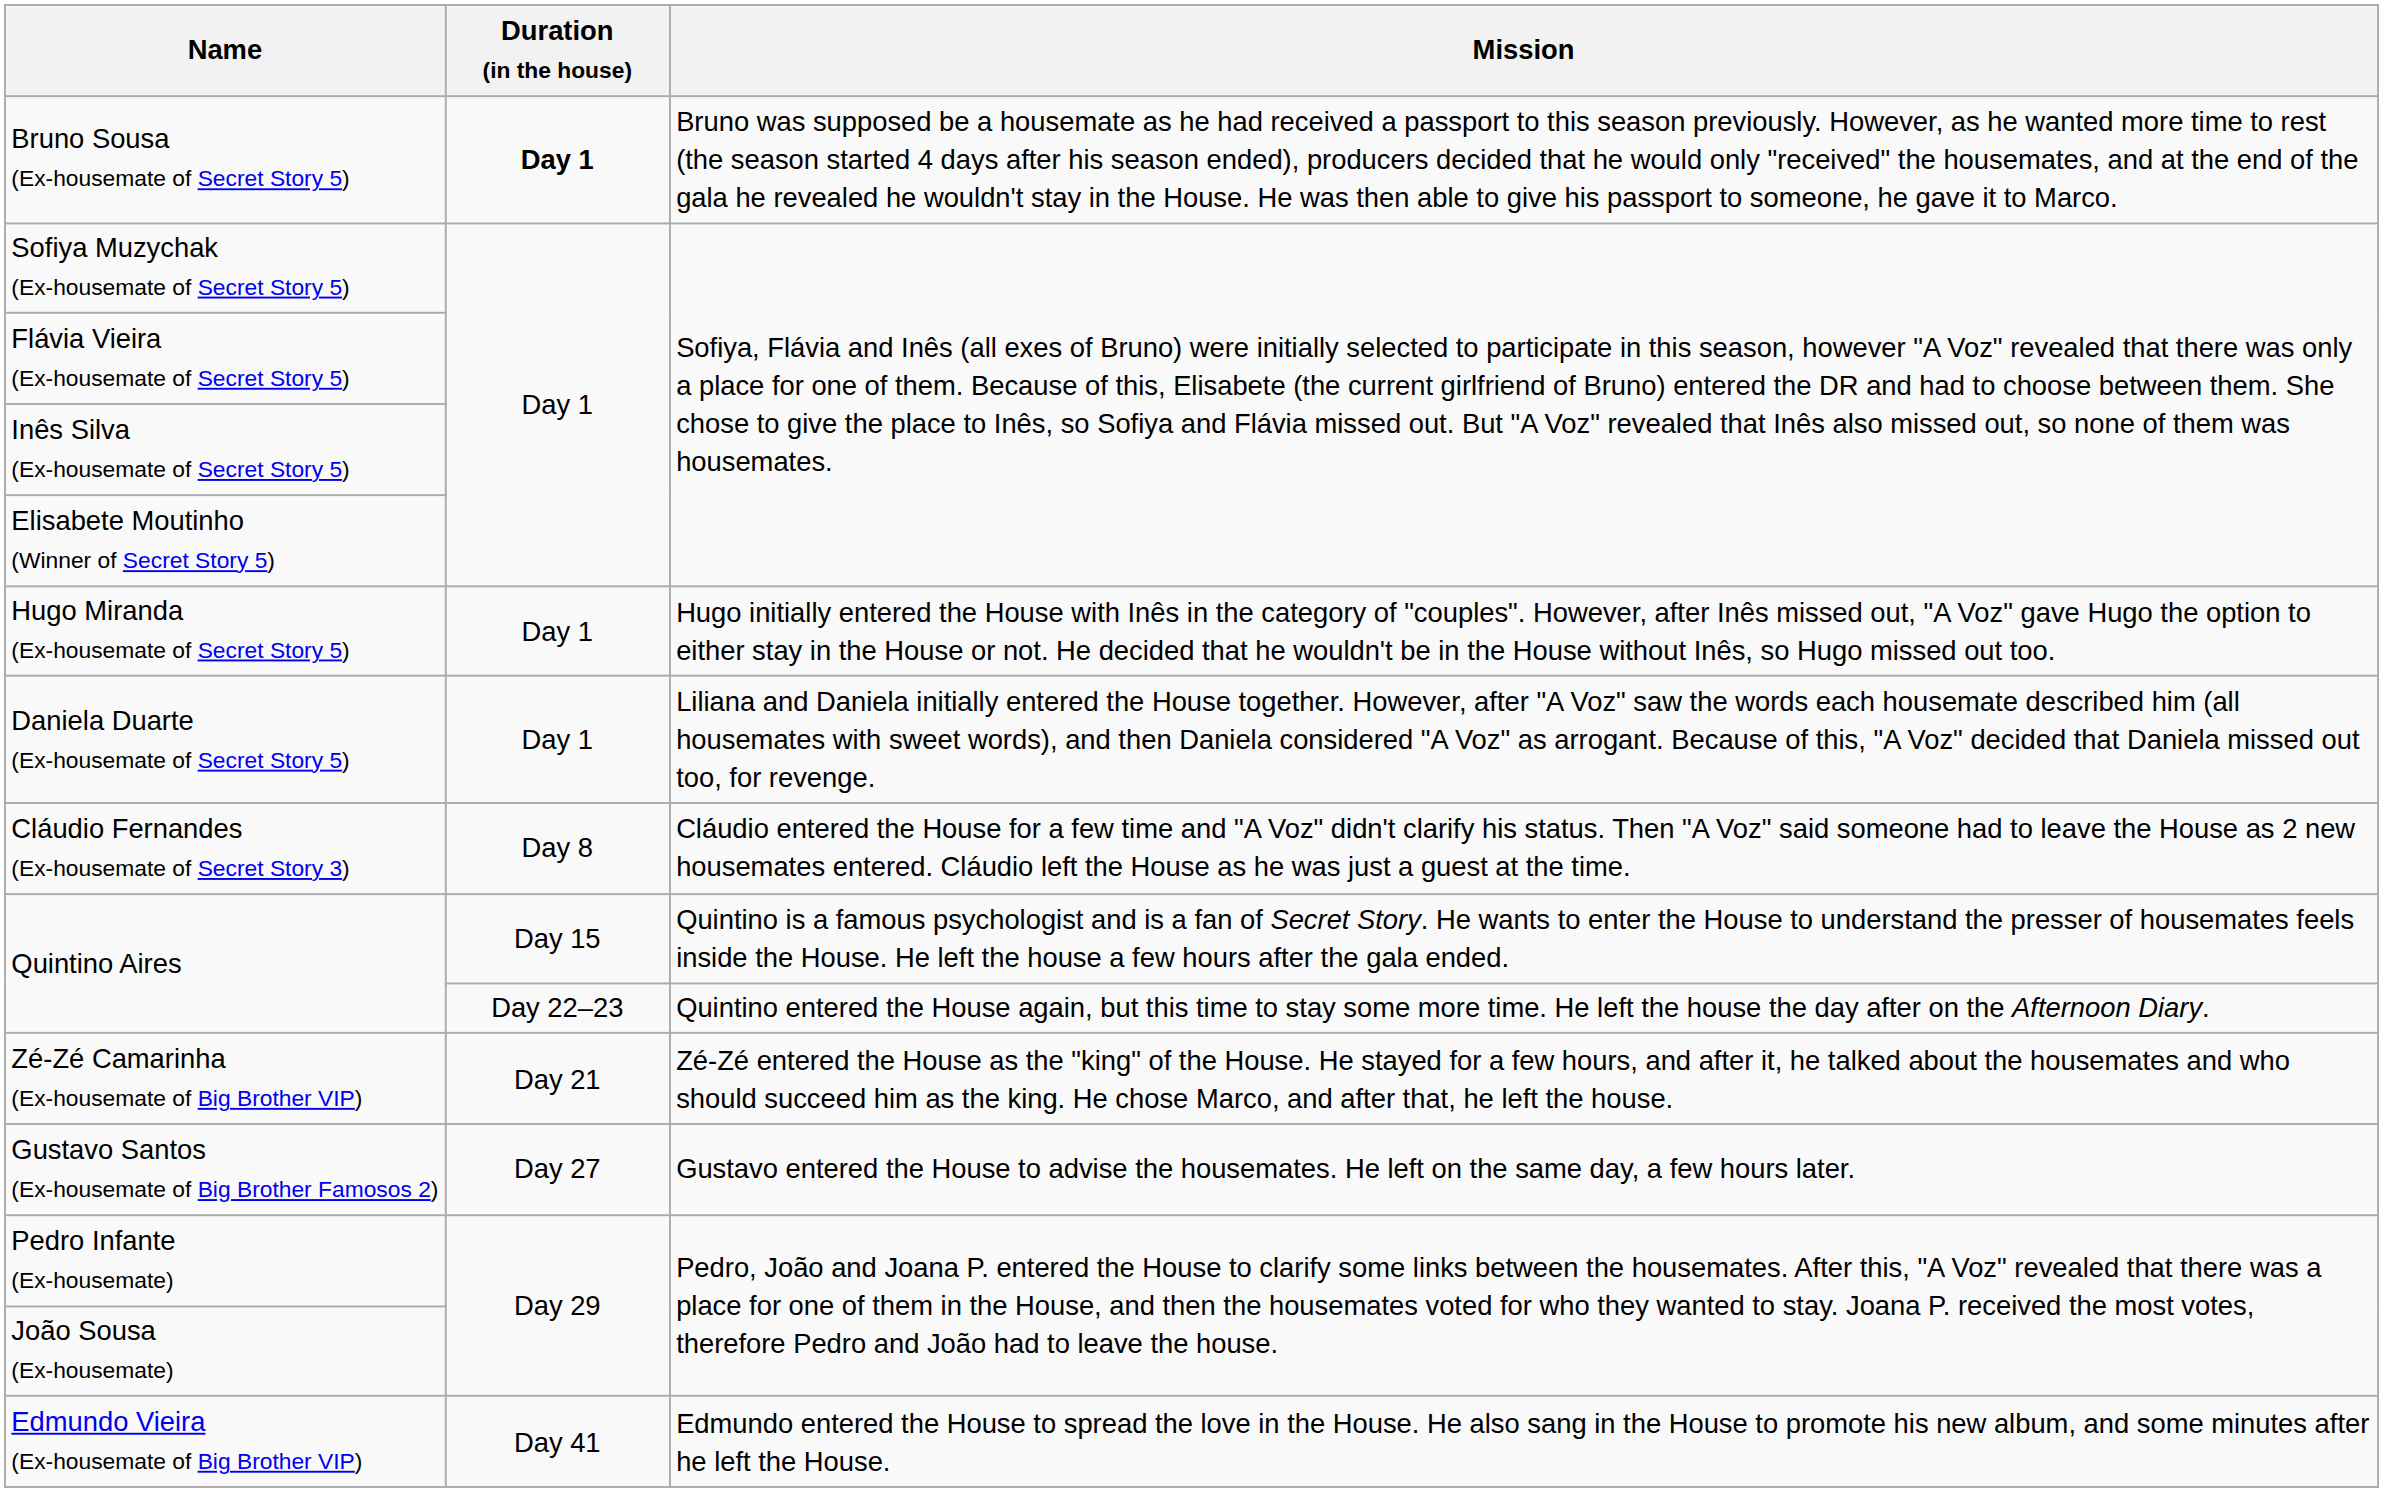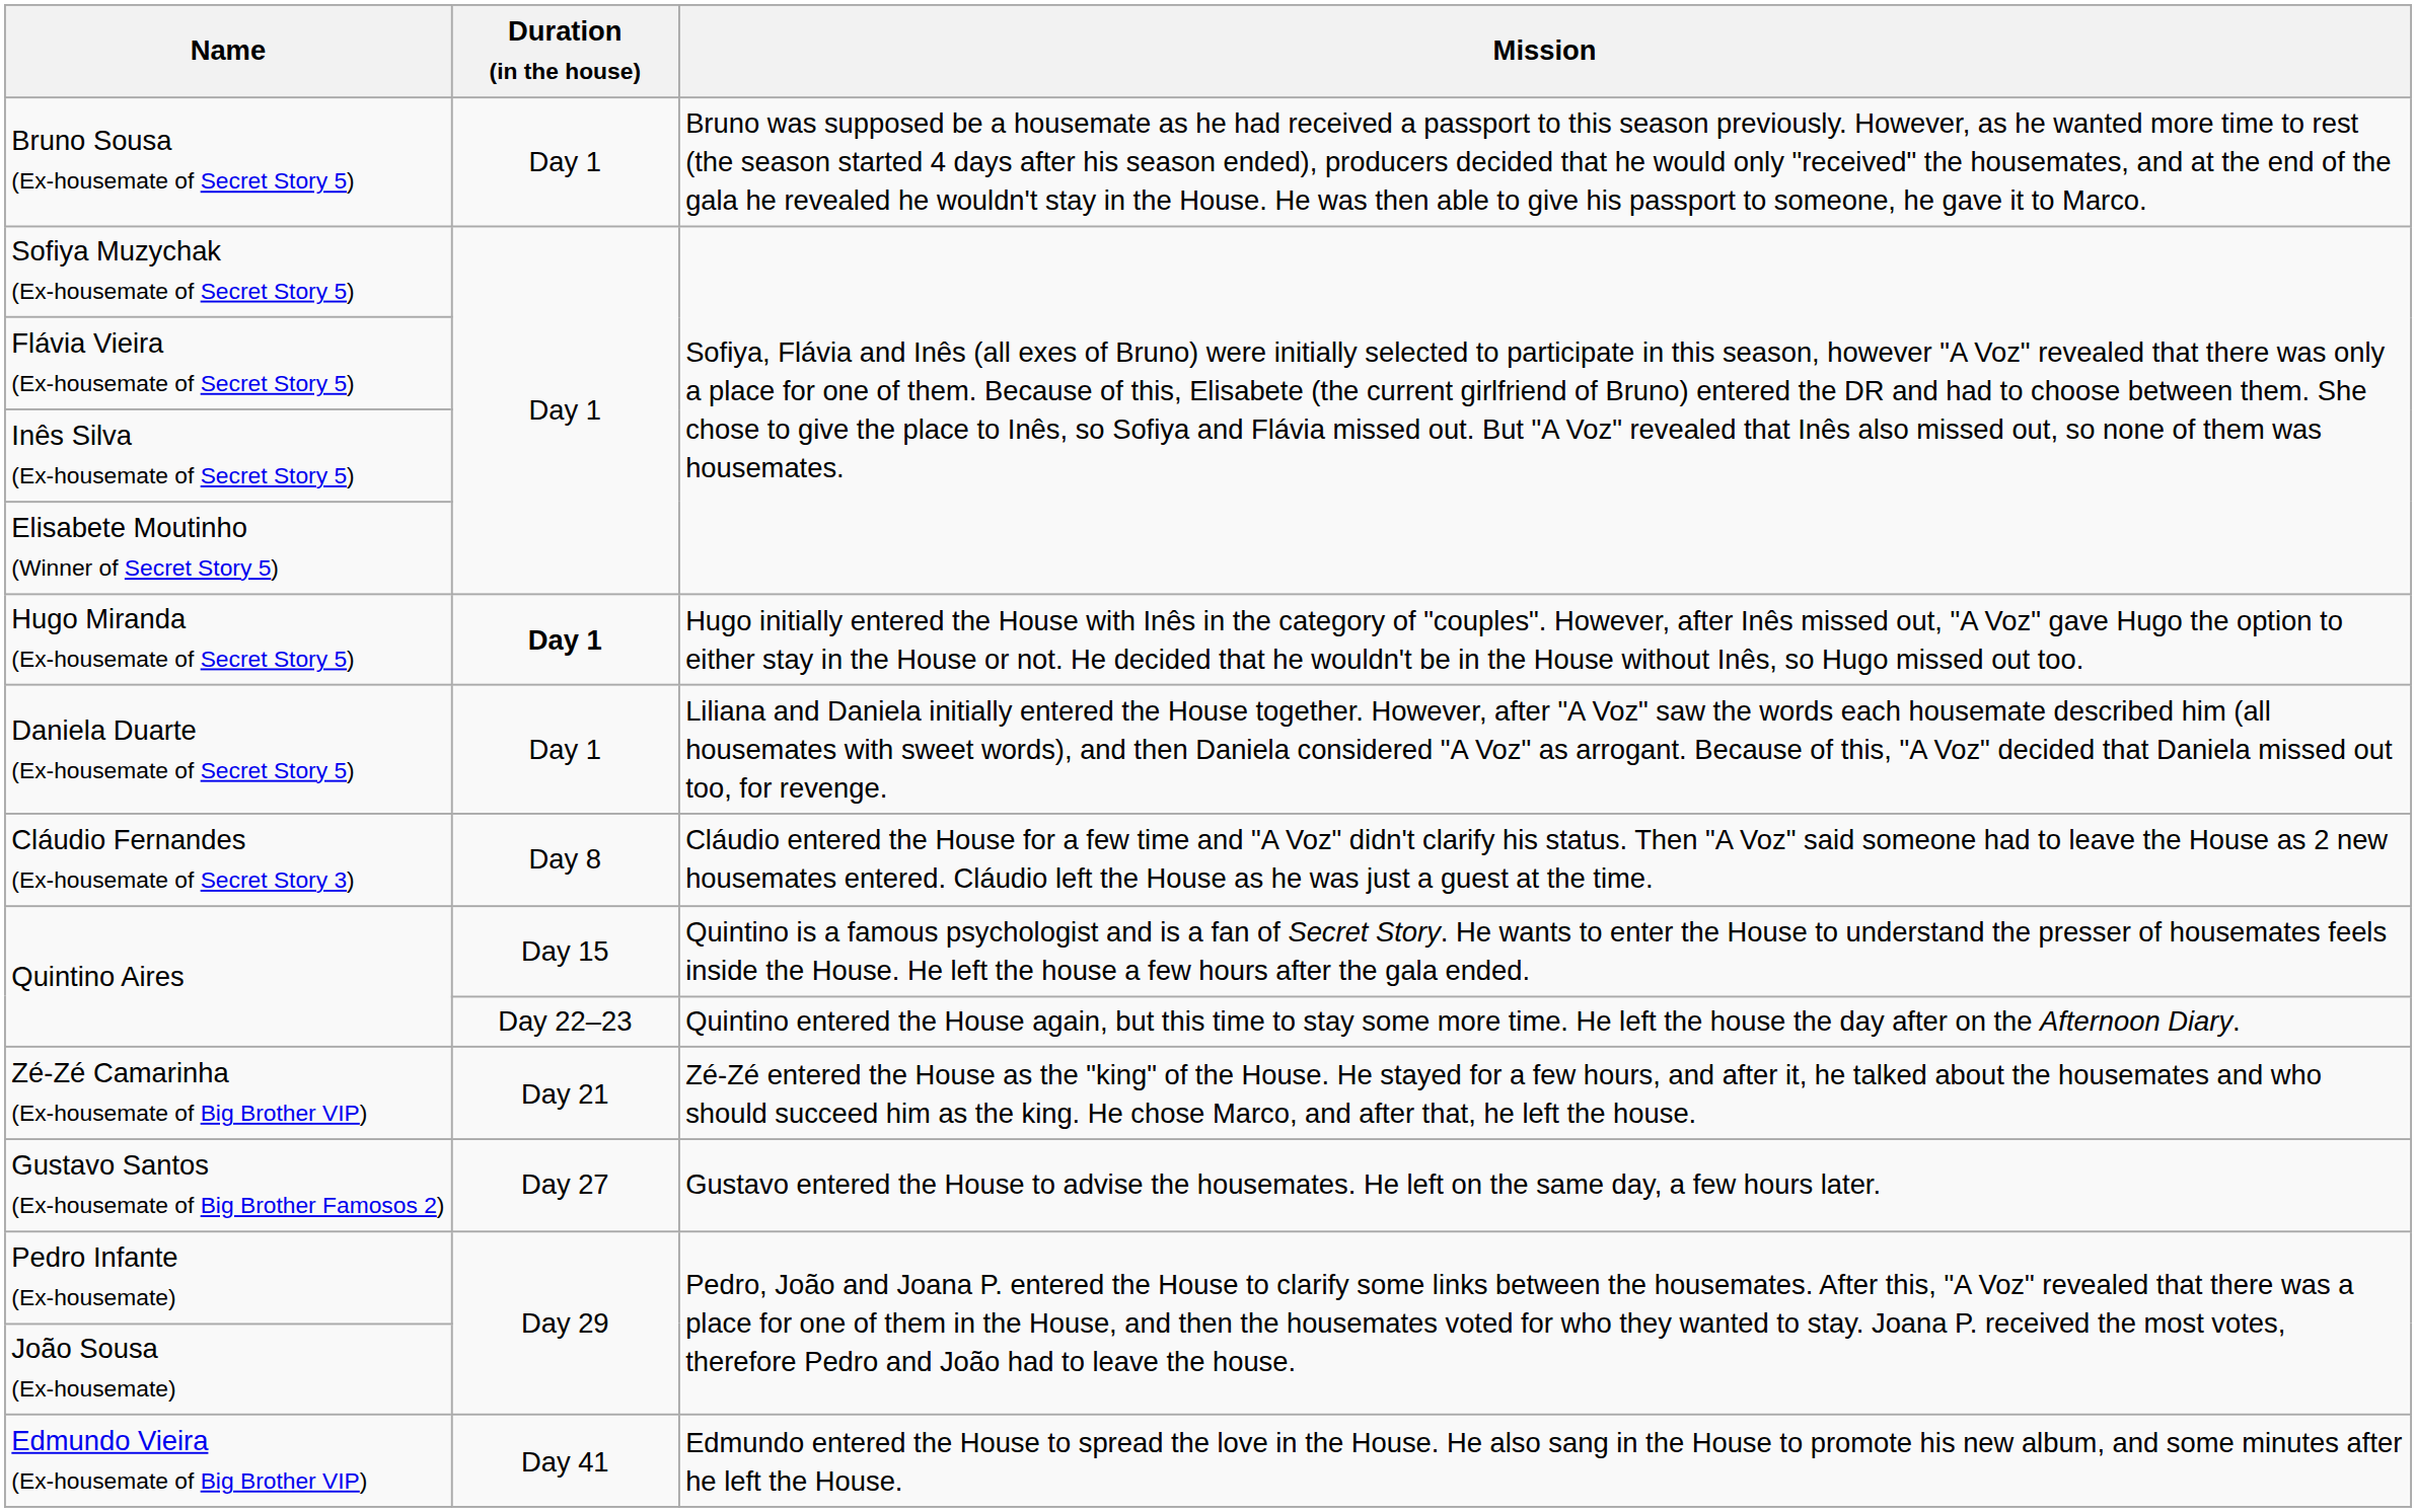 <table class="wikitable" style="font-size:90%; line-height:20px">
 <tr>
 <th style="width:10%">Name</th>
 <th style="width:10%">Duration<br><small>(in the house)</small></th>
 <th style="width:80%">Mission</th>
 </tr>
 <tr>
 <td nowrap>Bruno Sousa<br><small>(Ex-housemate of <a href='#'>Secret Story 5</a>)</small></td>
-<td style="text-align:center;"><strong>Day 1</strong></td>
+<td style="text-align:center;">Day 1</td>
 <td>Bruno was supposed be a housemate as he had received a passport to this season previously. However, as he wanted more time to rest (the season started 4 days after his season ended), producers decided that he would only "received" the housemates, and at the end of the gala he revealed he wouldn't stay in the House. He was then able to give his passport to someone, he gave it to Marco.</td>
 </tr>
 <tr>
 <td>Sofiya Muzychak<br><small>(Ex-housemate of <a href='#'>Secret Story 5</a>)</small></td>
 <td rowspan=4 style="text-align:center;">Day 1</td>
 <td rowspan=4>Sofiya, Flávia and Inês (all exes of Bruno) were initially selected to participate in this season, however "A Voz" revealed that there was only a place for one of them. Because of this, Elisabete (the current girlfriend of Bruno) entered the DR and had to choose between them. She chose to give the place to Inês, so Sofiya and Flávia missed out. But "A Voz" revealed that Inês also missed out, so none of them was housemates.</td>
 </tr>
 <tr>
 <td>Flávia Vieira<br><small>(Ex-housemate of <a href='#'>Secret Story 5</a>)</small></td>
 </tr>
 <tr>
 <td>Inês Silva<br><small>(Ex-housemate of <a href='#'>Secret Story 5</a>)</small></td>
 </tr>
 <tr>
 <td>Elisabete Moutinho<br><small>(Winner of <a href='#'>Secret Story 5</a>)</small></td>
 </tr>
 <tr>
 <td>Hugo Miranda<br><small>(Ex-housemate of <a href='#'>Secret Story 5</a>)</small></td>
-<td style="text-align:center;">Day 1</td>
+<td style="text-align:center;"><strong>Day 1</strong></td>
 <td>Hugo initially entered the House with Inês in the category of "couples". However, after Inês missed out, "A Voz" gave Hugo the option to either stay in the House or not. He decided that he wouldn't be in the House without Inês, so Hugo missed out too.</td>
 </tr>
 <tr>
 <td>Daniela Duarte<br><small>(Ex-housemate of <a href='#'>Secret Story 5</a>)</small></td>
 <td style="text-align:center;">Day 1</td>
 <td>Liliana and Daniela initially entered the House together. However, after "A Voz" saw the words each housemate described him (all housemates with sweet words), and then Daniela considered "A Voz" as arrogant. Because of this, "A Voz" decided that Daniela missed out too, for revenge.</td>
 </tr>
 <tr>
 <td>Cláudio Fernandes<br><small>(Ex-housemate of <a href='#'>Secret Story 3</a>)</small></td>
 <td style="text-align:center;">Day 8</td>
 <td>Cláudio entered the House for a few time and "A Voz" didn't clarify his status. Then "A Voz" said someone had to leave the House as 2 new housemates entered. Cláudio left the House as he was just a guest at the time.</td>
 </tr>
 <tr>
 <td rowspan=2>Quintino Aires</td>
 <td style="text-align:center;">Day 15</td>
 <td>Quintino is a famous psychologist and is a fan of <em>Secret Story</em>. He wants to enter the House to understand the presser of housemates feels inside the House. He left the house a few hours after the gala ended.</td>
 </tr>
 <tr>
 <td style="text-align:center;">Day 22–23</td>
 <td>Quintino entered the House again, but this time to stay some more time. He left the house the day after on the <em>Afternoon Diary</em>.</td>
 </tr>
 <tr>
 <td>Zé-Zé Camarinha<br><small>(Ex-housemate of <a href='#'>Big Brother VIP</a>)</small></td>
 <td style="text-align:center;">Day 21</td>
 <td>Zé-Zé entered the House as the "king" of the House. He stayed for a few hours, and after it, he talked about the housemates and who should succeed him as the king. He chose Marco, and after that, he left the house.</td>
 </tr>
 <tr>
 <td nowrap>Gustavo Santos<br><small>(Ex-housemate of <a href='#'>Big Brother Famosos 2</a>)</small></td>
 <td style="text-align:center;">Day 27</td>
 <td>Gustavo entered the House to advise the housemates. He left on the same day, a few hours later.</td>
 </tr>
 <tr>
 <td>Pedro Infante<br><small>(Ex-housemate)</small></td>
 <td rowspan=2 style="text-align:center;">Day 29</td>
 <td rowspan=2>Pedro, João and Joana P. entered the House to clarify some links between the housemates. After this, "A Voz" revealed that there was a place for one of them in the House, and then the housemates voted for who they wanted to stay. Joana P. received the most votes, therefore Pedro and João had to leave the house.</td>
 </tr>
 <tr>
 <td>João Sousa<br><small>(Ex-housemate)</small></td>
 </tr>
 <tr>
 <td><a href='#'>Edmundo Vieira</a><br><small>(Ex-housemate of <a href='#'>Big Brother VIP</a>)</small></td>
 <td style="text-align:center;">Day 41</td>
 <td>Edmundo entered the House to spread the love in the House. He also sang in the House to promote his new album, and some minutes after he left the House.</td>
 </tr>
 </table>
